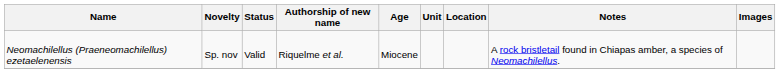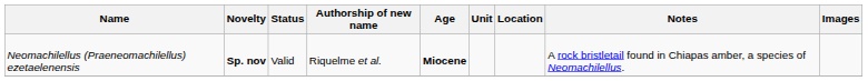 <table class="wikitable sortable" align="center" width="100%">
 <tr>
 <th>Name</th>
 <th>Novelty</th>
 <th>Status</th>
 <th>Authorship of new name</th>
 <th>Age</th>
 <th>Unit</th>
 <th>Location</th>
 <th>Notes</th>
 <th>Images</th>
 </tr>
 <tr>
 <td><br><em>Neomachilellus (Praeneomachilellus) ezetaelenensis</em></td>
-<td><br>Sp. nov</td>
+<td><strong><br>Sp. nov</strong></td>
 <td><br>Valid</td>
 <td><br>Riquelme <em>et al.</em></td>
-<td><br>Miocene</td>
+<td><strong><br>Miocene</strong></td>
 <td></td>
 <td><br></td>
 <td><br>A <a href='#'>rock bristletail</a> found in Chiapas amber, a species of <em><a href='#'>Neomachilellus</a></em>.</td>
 <td></td>
 </tr>
 <tr>
 </tr>
 </table>
